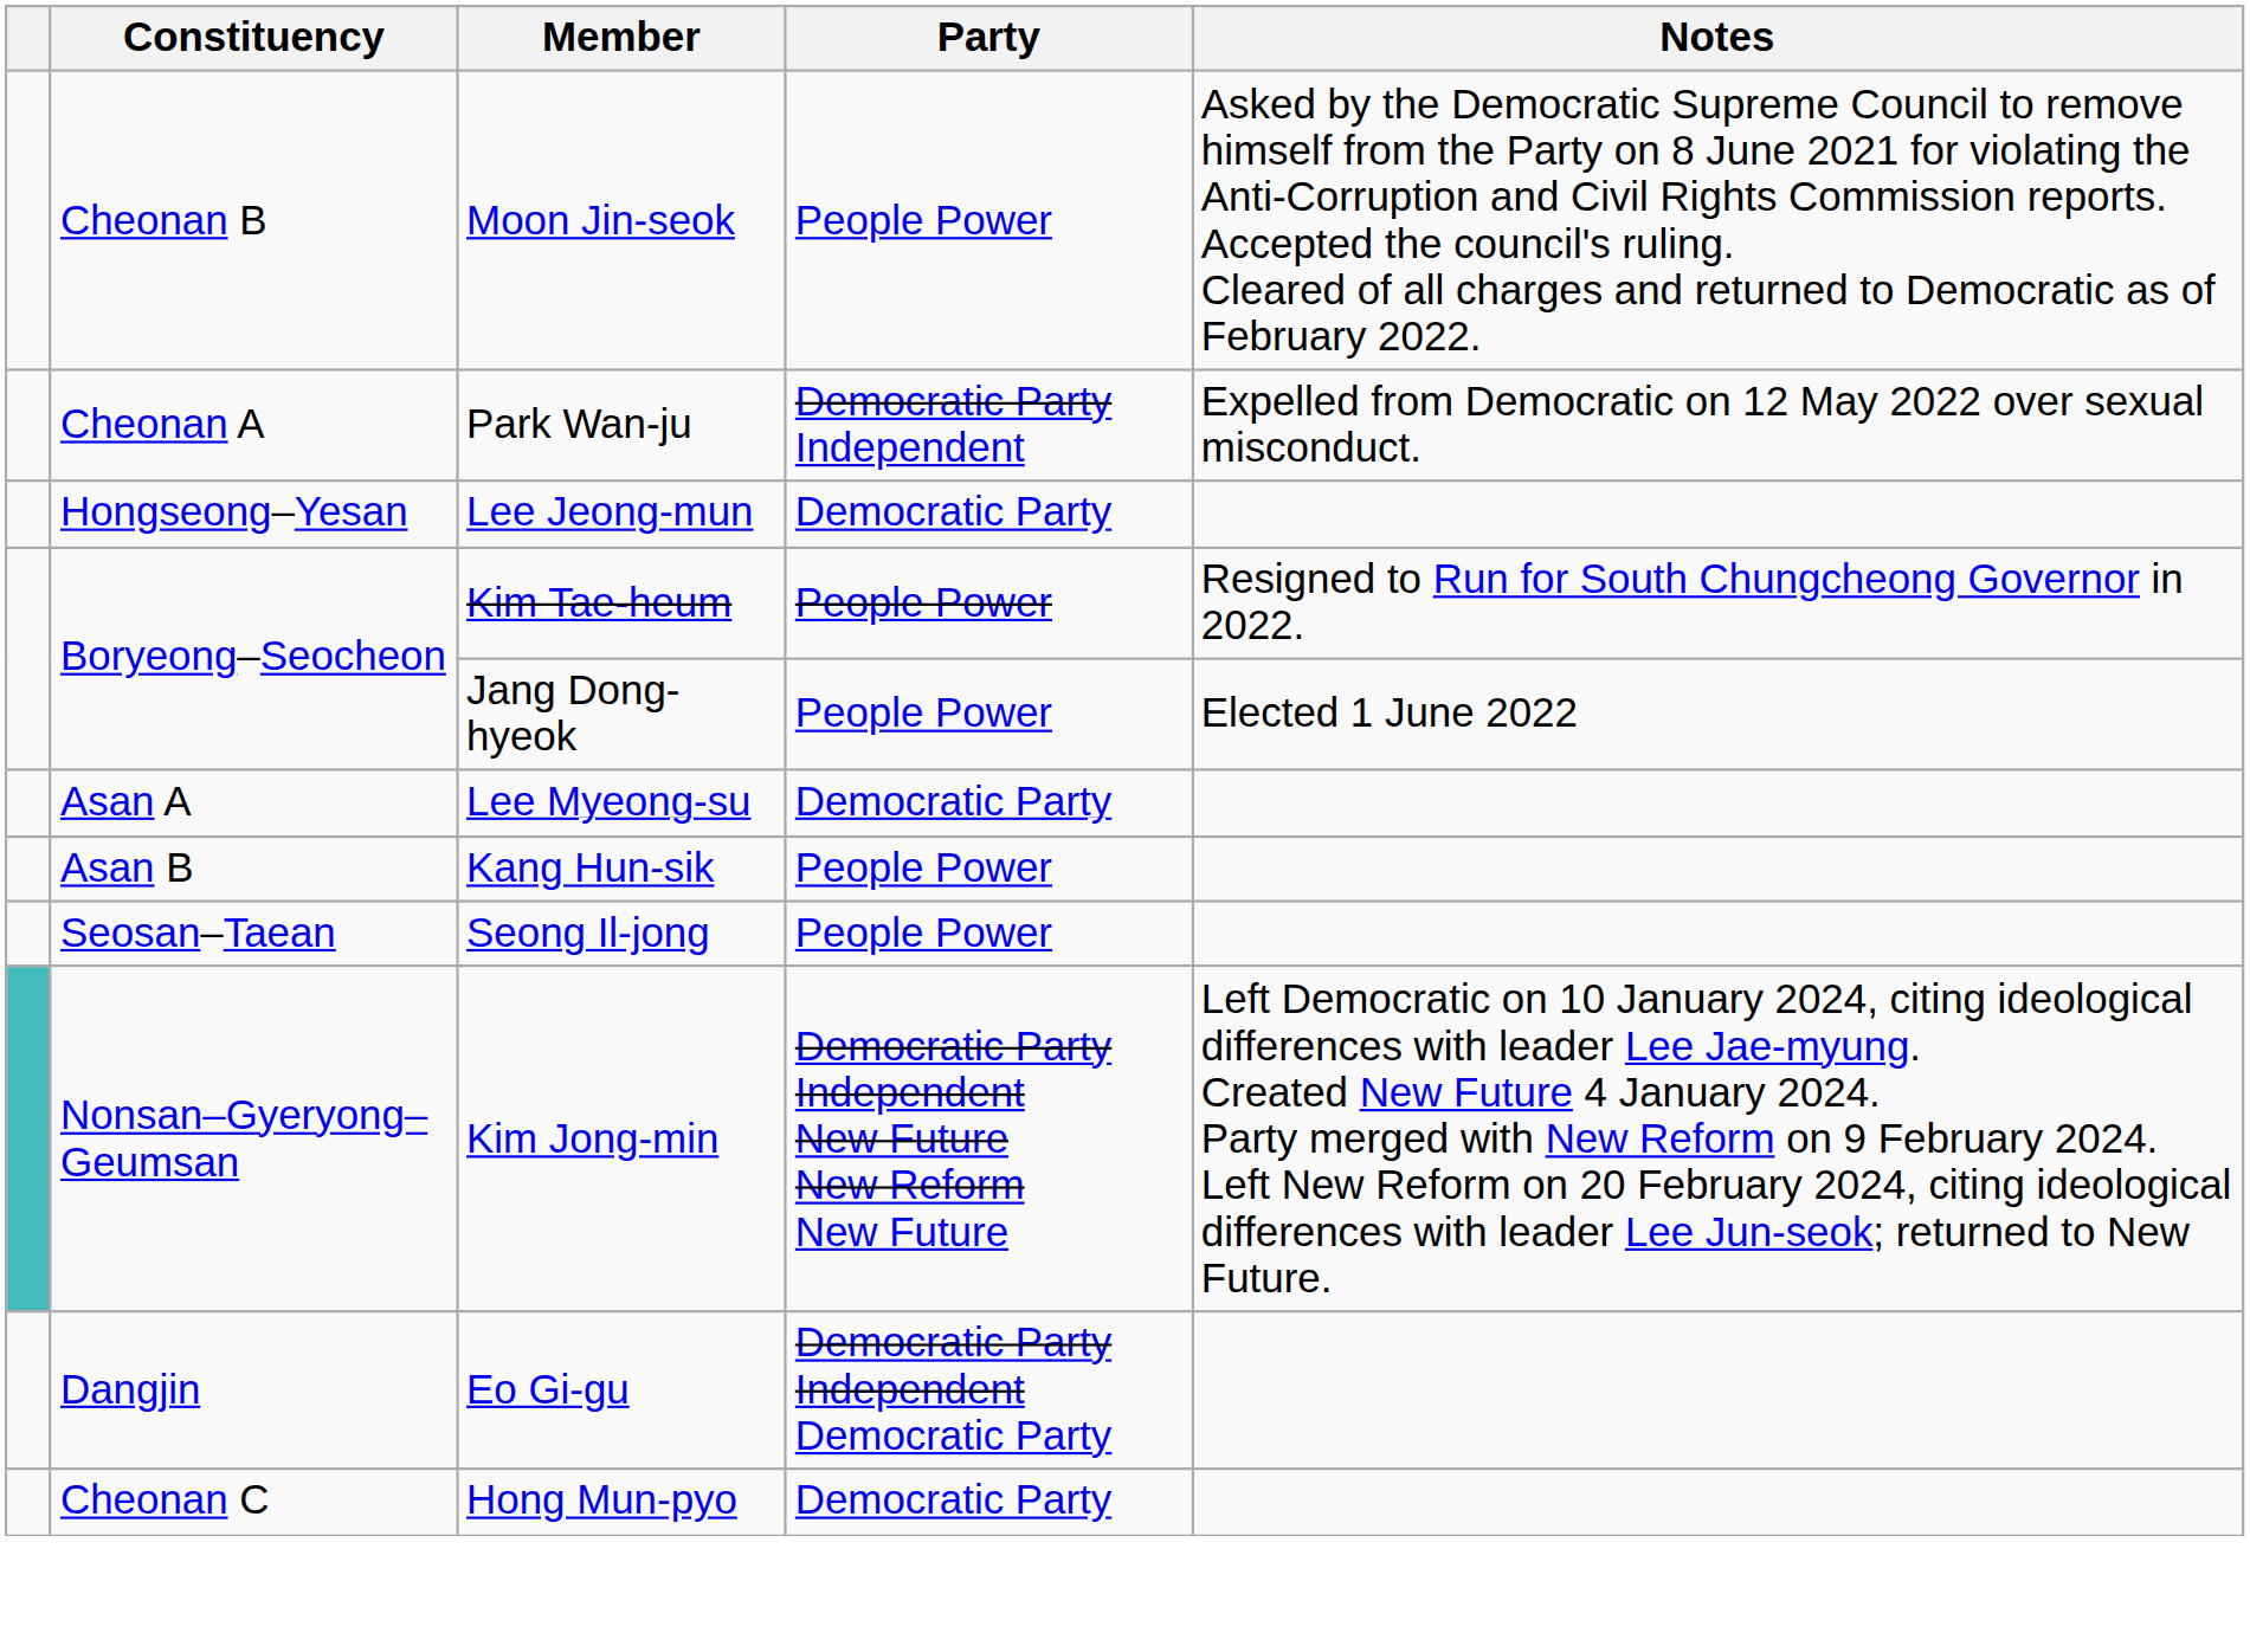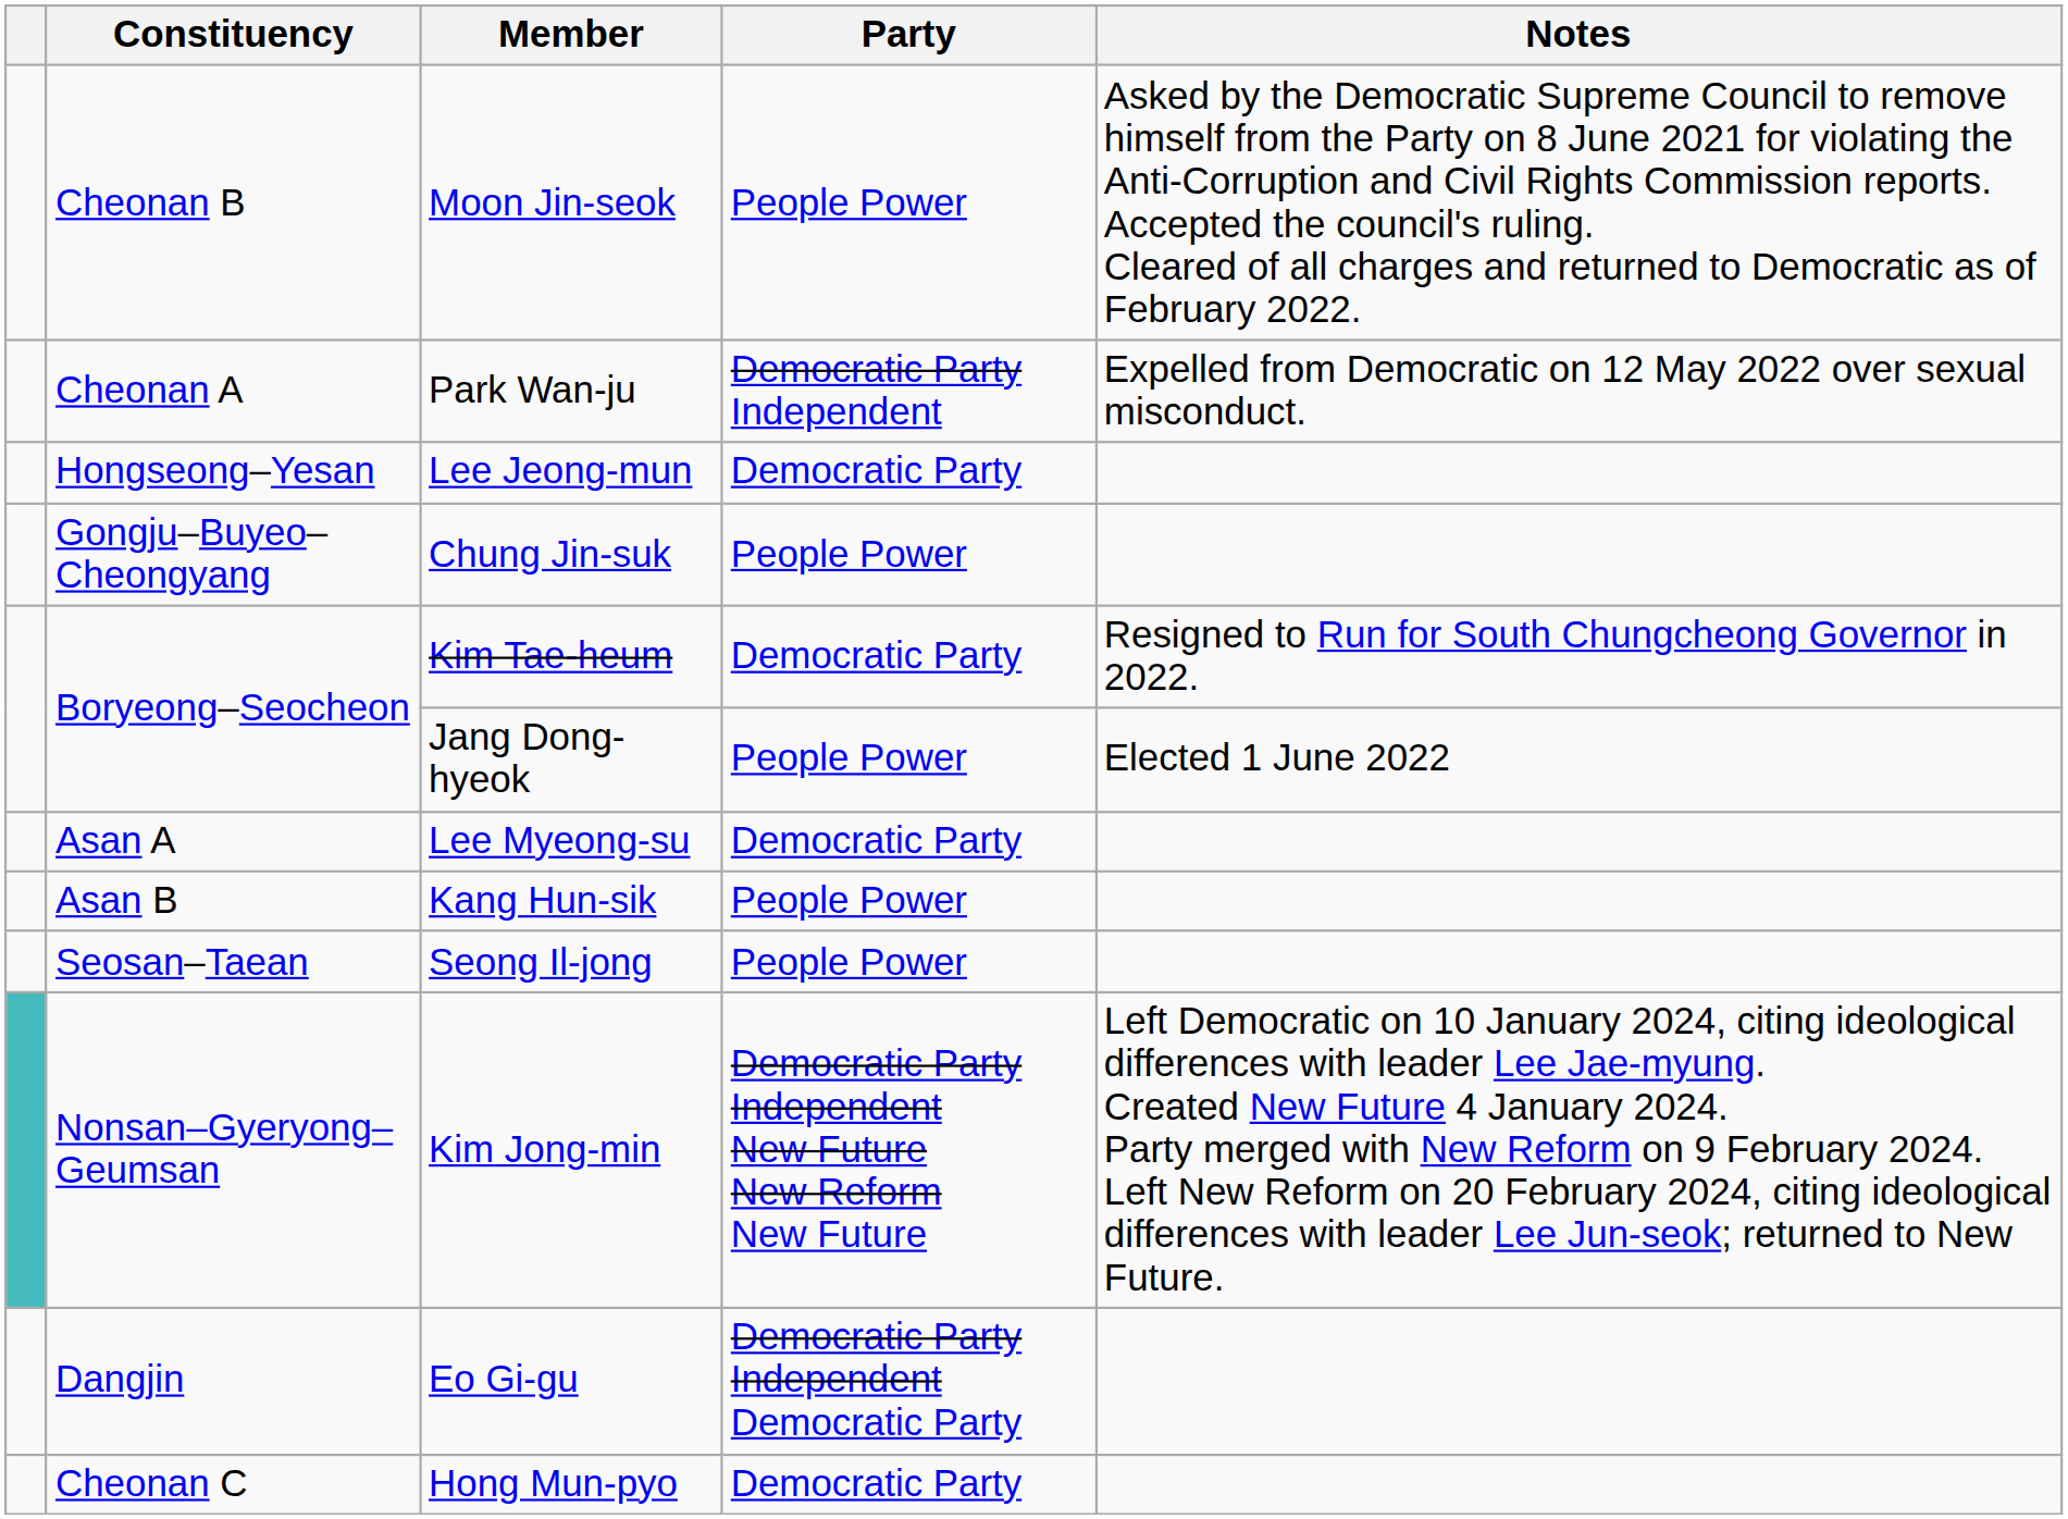 <table class="wikitable sortable">
 <tr>
 <th scope="col" style="width:10px;" class="unsortable"></th>
 <th scope="col" style="width:150px;">Constituency</th>
 <th scope="col" style="width:120px;">Member</th>
 <th scope="col" style="width:150px;">Party</th>
 <th scope="col" style="width:400px;" class="unsortable">Notes</th>
 </tr>
 <tr>
 <td scope="row" style="background-color:"></td>
 <td><a href='#'>Cheonan</a> B</td>
 <td><a href='#'>Moon Jin-seok</a></td>
 <td><a href='#'>People Power</a></td>
 <td>Asked by the Democratic Supreme Council to remove himself from the Party on 8 June 2021 for violating the Anti-Corruption and Civil Rights Commission reports. Accepted the council's ruling.<br>Cleared of all charges and returned to Democratic as of February 2022.</td>
 </tr>
 <tr>
 <td scope="row" style="background-color:"></td>
 <td><a href='#'>Cheonan</a> A</td>
 <td>Park Wan-ju</td>
 <td><s><a href='#'>Democratic Party</a></s> <br><a href='#'>Independent</a></td>
 <td>Expelled from Democratic on 12 May 2022 over sexual misconduct.</td>
 </tr>
 <tr>
 <td scope="row" style="background-color:"></td>
 <td><a href='#'>Hongseong</a>–<a href='#'>Yesan</a></td>
 <td><a href='#'>Lee Jeong-mun</a></td>
 <td><a href='#'>Democratic Party</a></td>
 <td></td>
 </tr>
 <tr>
+<td scope="row" style="background-color:"></td>
+<td><a href='#'>Gongju</a>–<a href='#'>Buyeo</a>–<a href='#'>Cheongyang</a></td>
+<td><a href='#'>Chung Jin-suk</a></td>
+<td><a href='#'>People Power</a></td>
+<td></td>
+</tr>
+<tr>
 <td rowspan="2" scope="row" style="background-color:"></td>
 <td rowspan="2"><a href='#'>Boryeong</a>–<a href='#'>Seocheon</a></td>
 <td><s><a href='#'>Kim Tae-heum</a></s></td>
-<td><s><a href='#'>People Power</a></s></td>
+<td><a href='#'>Democratic Party</a></td>
 <td>Resigned to <a href='#'>Run for South Chungcheong Governor</a> in 2022.</td>
 </tr>
 <tr>
 <td>Jang Dong-hyeok</td>
 <td><a href='#'>People Power</a></td>
 <td>Elected 1 June 2022</td>
 </tr>
 <tr>
 <td scope="row" style="background-color:"></td>
 <td><a href='#'>Asan</a> A</td>
 <td><a href='#'>Lee Myeong-su</a></td>
 <td><a href='#'>Democratic Party</a></td>
 <td></td>
 </tr>
 <tr>
 <td scope="row" style="background-color:"></td>
 <td><a href='#'>Asan</a> B</td>
 <td><a href='#'>Kang Hun-sik</a></td>
 <td><a href='#'>People Power</a></td>
 <td></td>
 </tr>
 <tr>
 <td scope="row" style="background-color:"></td>
 <td><a href='#'>Seosan</a>–<a href='#'>Taean</a></td>
 <td><a href='#'>Seong Il-jong</a></td>
 <td><a href='#'>People Power</a></td>
 <td></td>
 </tr>
 <tr>
 <td scope="row" style="background-color:#45BABD"></td>
 <td><a href='#'>Nonsan–Gyeryong–Geumsan</a></td>
 <td><a href='#'>Kim Jong-min</a></td>
 <td><s><a href='#'>Democratic Party</a></s> <br><s> <a href='#'>Independent</a></s><br><s><a href='#'>New Future</a> </s> <br> <s><a href='#'>New Reform</a></s><br><a href='#'>New Future</a></td>
 <td>Left Democratic on 10 January 2024, citing ideological differences with leader <a href='#'>Lee Jae-myung</a>.<br>Created <a href='#'>New Future</a> 4 January 2024.<br>Party merged with <a href='#'>New Reform</a> on 9 February 2024.<br>Left New Reform on 20 February 2024, citing ideological differences with leader <a href='#'>Lee Jun-seok</a>; returned to New Future.</td>
 </tr>
 <tr>
 <td scope="row" style="background-color:"></td>
 <td><a href='#'>Dangjin</a></td>
 <td><a href='#'>Eo Gi-gu</a></td>
 <td><s><a href='#'>Democratic Party</a></s><br><s><a href='#'>Independent</a></s><br><a href='#'>Democratic Party</a><br></td>
 <td></td>
 </tr>
 <tr>
 <td scope="row" style="background-color:"></td>
 <td><a href='#'>Cheonan</a> C</td>
 <td><a href='#'>Hong Mun-pyo</a></td>
 <td><a href='#'>Democratic Party</a></td>
 <td></td>
 </tr>
 </table>
